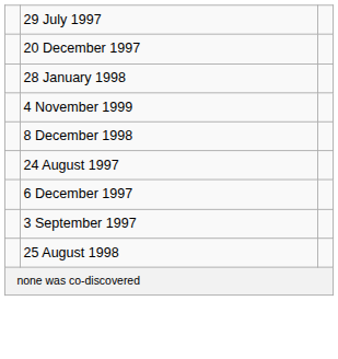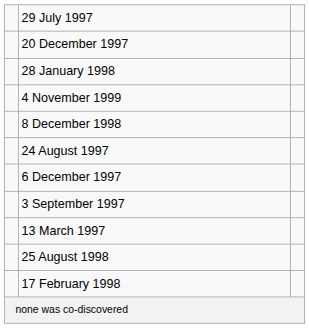 <table class="wikitable" style="font-size: 89%; float: left; width: 24em; margin-right: 1em; line-height: 1.65em !important;">
 <tr>
 <td></td>
 <td>29 July 1997</td>
 <td></td>
 </tr>
 <tr>
 <td></td>
 <td>20 December 1997</td>
 <td></td>
 </tr>
 <tr>
 <td></td>
 <td>28 January 1998</td>
 <td></td>
 </tr>
 <tr>
 <td></td>
 <td>4 November 1999</td>
 <td></td>
 </tr>
 <tr>
 <td></td>
 <td>8 December 1998</td>
 <td></td>
 </tr>
 <tr>
 <td></td>
 <td>24 August 1997</td>
 <td></td>
 </tr>
 <tr>
 <td></td>
 <td>6 December 1997</td>
 <td></td>
 </tr>
 <tr>
 <td></td>
 <td>3 September 1997</td>
 <td></td>
 </tr>
 <tr>
 <td></td>
+<td>13 March 1997</td>
+<td></td>
+</tr>
+<tr>
+<td></td>
 <td>25 August 1998</td>
+<td></td>
+</tr>
+<tr>
+<td></td>
+<td>17 February 1998</td>
 <td></td>
 </tr>
 <tr>
 <th colspan=3 style="font-size: smaller; font-weight: normal; padding-left: 12px; text-align: left;">none was co-discovered</th>
 </tr>
 </table>
